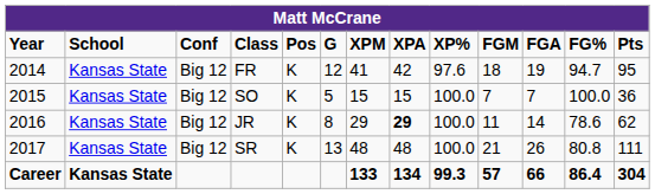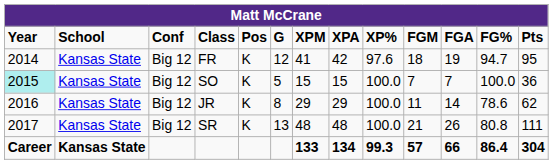 <table class="wikitable">
 <tr>
 <th colspan="13" style="text-align: center; font-weight:bold; background-color:#512888; color:#ffffff;">Matt McCrane</th>
 </tr>
 <tr>
 <td style="font-weight:bold;">Year</td>
 <td style="font-weight:bold;">School</td>
 <td style="font-weight:bold;">Conf</td>
 <td style="font-weight:bold;">Class</td>
 <td style="font-weight:bold;">Pos</td>
 <td style="font-weight:bold;">G</td>
 <td style="font-weight:bold;">XPM</td>
 <td style="font-weight:bold;">XPA</td>
 <td style="font-weight:bold;">XP%</td>
 <td style="font-weight:bold;">FGM</td>
 <td style="font-weight:bold;">FGA</td>
 <td style="font-weight:bold;">FG%</td>
 <td style="font-weight:bold;">Pts</td>
 </tr>
 <tr>
 <td>2014</td>
 <td><a href='#'>Kansas State</a></td>
 <td>Big 12</td>
 <td>FR</td>
 <td>K</td>
 <td>12</td>
 <td>41</td>
 <td>42</td>
 <td>97.6</td>
 <td>18</td>
 <td>19</td>
 <td>94.7</td>
 <td>95</td>
 </tr>
 <tr>
-<td>2015</td>
+<td style="background: paleturquoise;">2015</td>
 <td><a href='#'>Kansas State</a></td>
 <td>Big 12</td>
 <td>SO</td>
 <td>K</td>
 <td>5</td>
 <td>15</td>
 <td>15</td>
 <td>100.0</td>
 <td>7</td>
 <td>7</td>
 <td>100.0</td>
 <td>36</td>
 </tr>
 <tr>
 <td>2016</td>
 <td><a href='#'>Kansas State</a></td>
 <td>Big 12</td>
 <td>JR</td>
 <td>K</td>
 <td>8</td>
 <td>29</td>
-<td><strong>29</strong></td>
+<td>29</td>
 <td>100.0</td>
 <td>11</td>
 <td>14</td>
 <td>78.6</td>
 <td>62</td>
 </tr>
 <tr>
 <td>2017</td>
 <td><a href='#'>Kansas State</a></td>
 <td>Big 12</td>
 <td>SR</td>
 <td>K</td>
 <td>13</td>
 <td>48</td>
 <td>48</td>
 <td>100.0</td>
 <td>21</td>
 <td>26</td>
 <td>80.8</td>
 <td>111</td>
 </tr>
 <tr>
 <td style="font-weight:bold;">Career</td>
 <td style="font-weight:bold;">Kansas State</td>
 <td style="font-weight:bold;"></td>
 <td style="font-weight:bold;"></td>
 <td style="font-weight:bold;"></td>
 <td style="font-weight:bold;"></td>
 <td style="font-weight:bold;">133</td>
 <td style="font-weight:bold;">134</td>
 <td style="font-weight:bold;">99.3</td>
 <td style="font-weight:bold;">57</td>
 <td style="font-weight:bold;">66</td>
 <td style="font-weight:bold;">86.4</td>
 <td style="font-weight:bold;">304</td>
 </tr>
 </table>
